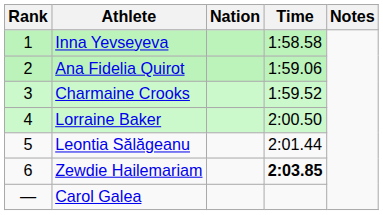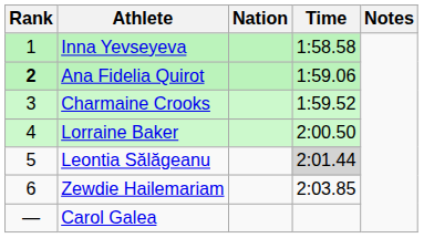 <table class="wikitable sortable" style="text-align:center">
 <tr>
 <th>Rank</th>
 <th>Athlete</th>
 <th>Nation</th>
 <th>Time</th>
 <th>Notes</th>
 </tr>
 <tr style="background:#bbf3bb;">
 <td>1</td>
 <td align=left><a href='#'>Inna Yevseyeva</a></td>
 <td align=left></td>
 <td>1:58.58</td>
 </tr>
 <tr style="background:#bbf3bb;">
-<td>2</td>
+<td><strong>2</strong></td>
 <td align=left><a href='#'>Ana Fidelia Quirot</a></td>
 <td align=left></td>
 <td>1:59.06</td>
 </tr>
 <tr style="background:#ccf9cc;">
 <td>3</td>
 <td align=left><a href='#'>Charmaine Crooks</a></td>
 <td align=left></td>
 <td>1:59.52</td>
 </tr>
 <tr style="background:#ccf9cc;">
 <td>4</td>
 <td align=left><a href='#'>Lorraine Baker</a></td>
 <td align=left></td>
 <td>2:00.50</td>
 </tr>
 <tr>
 <td>5</td>
 <td align=left><a href='#'>Leontia Sălăgeanu</a></td>
 <td align=left></td>
-<td>2:01.44</td>
+<td style="background: lightgrey;">2:01.44</td>
 </tr>
 <tr>
 <td>6</td>
 <td align=left><a href='#'>Zewdie Hailemariam</a></td>
 <td align=left></td>
-<td><strong>2:03.85</strong></td>
+<td>2:03.85</td>
 </tr>
 <tr>
 <td align="center">—</td>
 <td align=left><a href='#'>Carol Galea</a></td>
 <td align=left></td>
 <td></td>
 </tr>
 </table>
